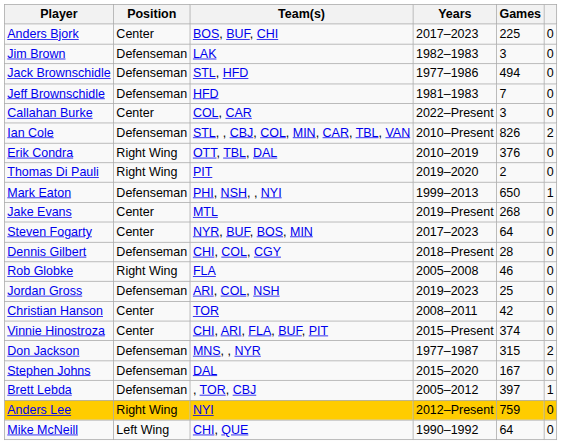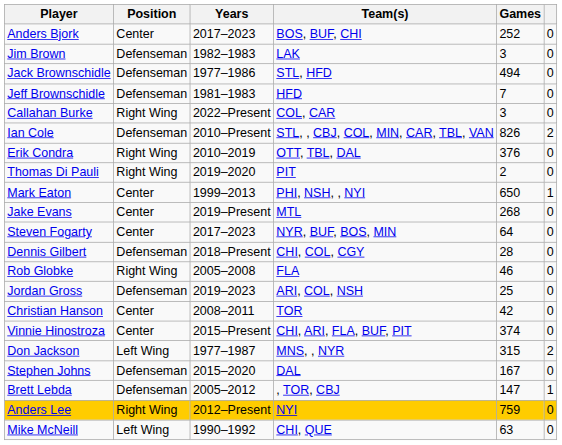 <table class="wikitable sortable">
 <tr>
 <th>Player</th>
 <th>Position</th>
+<th>Years</th>
 <th>Team(s)</th>
-<th>Years</th>
 <th>Games</th>
 <th><a href='#'></a></th>
 </tr>
 <tr>
 <td><a href='#'>Anders Bjork</a></td>
 <td>Center</td>
+<td>2017–2023</td>
 <td><a href='#'>BOS</a>, <a href='#'>BUF</a>, <a href='#'>CHI</a></td>
-<td>2017–2023</td>
-<td>225</td>
+<td>252</td>
 <td>0</td>
 </tr>
 <tr>
 <td><a href='#'>Jim Brown</a></td>
 <td>Defenseman</td>
+<td>1982–1983</td>
 <td><a href='#'>LAK</a></td>
-<td>1982–1983</td>
 <td>3</td>
 <td>0</td>
 </tr>
 <tr>
 <td><a href='#'>Jack Brownschidle</a></td>
 <td>Defenseman</td>
+<td>1977–1986</td>
 <td><a href='#'>STL</a>, <a href='#'>HFD</a></td>
-<td>1977–1986</td>
 <td>494</td>
 <td>0</td>
 </tr>
 <tr>
 <td><a href='#'>Jeff Brownschidle</a></td>
 <td>Defenseman</td>
+<td>1981–1983</td>
 <td><a href='#'>HFD</a></td>
-<td>1981–1983</td>
 <td>7</td>
 <td>0</td>
 </tr>
 <tr>
 <td><a href='#'>Callahan Burke</a></td>
-<td>Center</td>
+<td>Right Wing</td>
+<td>2022–Present</td>
 <td><a href='#'>COL</a>, <a href='#'>CAR</a></td>
-<td>2022–Present</td>
 <td>3</td>
 <td>0</td>
 </tr>
 <tr>
 <td><a href='#'>Ian Cole</a></td>
 <td>Defenseman</td>
+<td>2010–Present</td>
 <td><a href='#'>STL</a>, <span><strong></strong></span>, <a href='#'>CBJ</a>, <a href='#'>COL</a>, <a href='#'>MIN</a>, <a href='#'>CAR</a>, <a href='#'>TBL</a>, <a href='#'>VAN</a></td>
-<td>2010–Present</td>
 <td>826</td>
 <td>2</td>
 </tr>
 <tr>
 <td><a href='#'>Erik Condra</a></td>
 <td>Right Wing</td>
+<td>2010–2019</td>
 <td><a href='#'>OTT</a>, <a href='#'>TBL</a>, <a href='#'>DAL</a></td>
-<td>2010–2019</td>
 <td>376</td>
 <td>0</td>
 </tr>
 <tr>
 <td><a href='#'>Thomas Di Pauli</a></td>
 <td>Right Wing</td>
+<td>2019–2020</td>
 <td><a href='#'>PIT</a></td>
-<td>2019–2020</td>
 <td>2</td>
 <td>0</td>
 </tr>
 <tr>
 <td><a href='#'>Mark Eaton</a></td>
-<td>Defenseman</td>
+<td>Center</td>
+<td>1999–2013</td>
 <td><a href='#'>PHI</a>, <a href='#'>NSH</a>, <span><strong></strong></span>, <a href='#'>NYI</a></td>
-<td>1999–2013</td>
 <td>650</td>
 <td>1</td>
 </tr>
 <tr>
 <td><a href='#'>Jake Evans</a></td>
 <td>Center</td>
+<td>2019–Present</td>
 <td><a href='#'>MTL</a></td>
-<td>2019–Present</td>
 <td>268</td>
 <td>0</td>
 </tr>
 <tr>
 <td><a href='#'>Steven Fogarty</a></td>
 <td>Center</td>
+<td>2017–2023</td>
 <td><a href='#'>NYR</a>, <a href='#'>BUF</a>, <a href='#'>BOS</a>, <a href='#'>MIN</a></td>
-<td>2017–2023</td>
 <td>64</td>
 <td>0</td>
 </tr>
 <tr>
 <td><a href='#'>Dennis Gilbert</a></td>
 <td>Defenseman</td>
+<td>2018–Present</td>
 <td><a href='#'>CHI</a>, <a href='#'>COL</a>, <a href='#'>CGY</a></td>
-<td>2018–Present</td>
 <td>28</td>
 <td>0</td>
 </tr>
 <tr>
 <td><a href='#'>Rob Globke</a></td>
 <td>Right Wing</td>
+<td>2005–2008</td>
 <td><a href='#'>FLA</a></td>
-<td>2005–2008</td>
 <td>46</td>
 <td>0</td>
 </tr>
 <tr>
 <td><a href='#'>Jordan Gross</a></td>
 <td>Defenseman</td>
+<td>2019–2023</td>
 <td><a href='#'>ARI</a>, <a href='#'>COL</a>, <a href='#'>NSH</a></td>
-<td>2019–2023</td>
 <td>25</td>
 <td>0</td>
 </tr>
 <tr>
 <td><a href='#'>Christian Hanson</a></td>
 <td>Center</td>
+<td>2008–2011</td>
 <td><a href='#'>TOR</a></td>
-<td>2008–2011</td>
 <td>42</td>
 <td>0</td>
 </tr>
 <tr>
 <td><a href='#'>Vinnie Hinostroza</a></td>
 <td>Center</td>
+<td>2015–Present</td>
 <td><a href='#'>CHI</a>, <a href='#'>ARI</a>, <a href='#'>FLA</a>, <a href='#'>BUF</a>, <a href='#'>PIT</a></td>
-<td>2015–Present</td>
 <td>374</td>
 <td>0</td>
 </tr>
 <tr>
 <td><a href='#'>Don Jackson</a></td>
-<td>Defenseman</td>
+<td>Left Wing</td>
+<td>1977–1987</td>
 <td><a href='#'>MNS</a>, <span><strong></strong></span>, <a href='#'>NYR</a></td>
-<td>1977–1987</td>
 <td>315</td>
 <td>2</td>
 </tr>
 <tr>
 <td><a href='#'>Stephen Johns</a></td>
 <td>Defenseman</td>
+<td>2015–2020</td>
 <td><a href='#'>DAL</a></td>
-<td>2015–2020</td>
 <td>167</td>
 <td>0</td>
 </tr>
 <tr>
 <td><a href='#'>Brett Lebda</a></td>
 <td>Defenseman</td>
+<td>2005–2012</td>
 <td><span><strong></strong></span>, <a href='#'>TOR</a>, <a href='#'>CBJ</a></td>
-<td>2005–2012</td>
-<td>397</td>
+<td>147</td>
 <td>1</td>
 </tr>
 <tr bgcolor=#FFCC00>
 <td><a href='#'>Anders Lee</a></td>
 <td>Right Wing</td>
+<td>2012–Present</td>
 <td><a href='#'>NYI</a></td>
-<td>2012–Present</td>
 <td>759</td>
 <td>0</td>
 </tr>
 <tr>
 <td><a href='#'>Mike McNeill</a></td>
 <td>Left Wing</td>
+<td>1990–1992</td>
 <td><a href='#'>CHI</a>, <a href='#'>QUE</a></td>
-<td>1990–1992</td>
-<td>64</td>
+<td>63</td>
 <td>0</td>
 </tr>
 </table>
